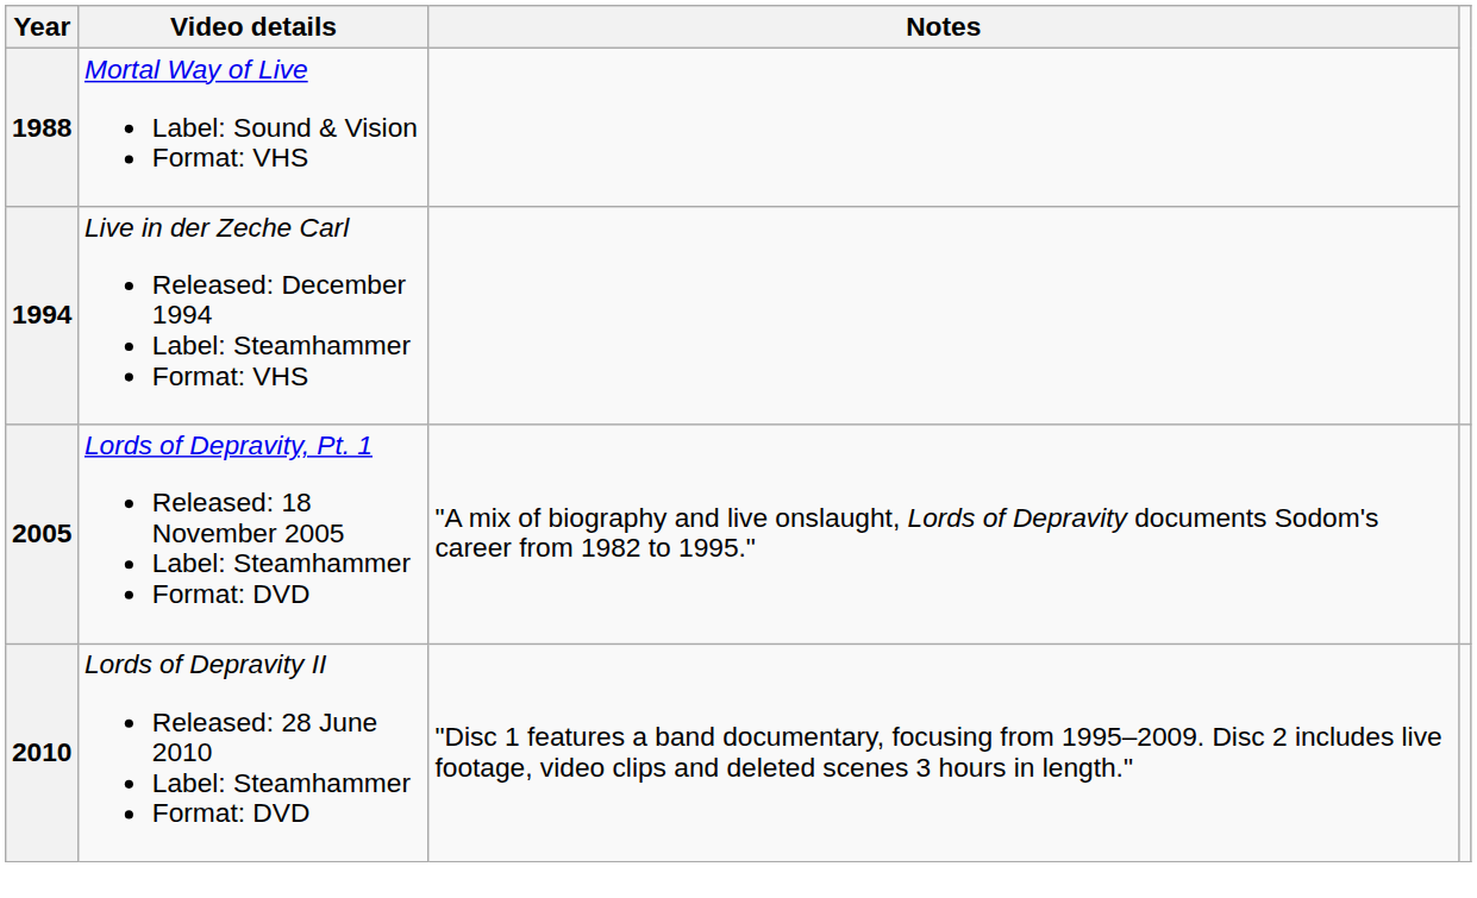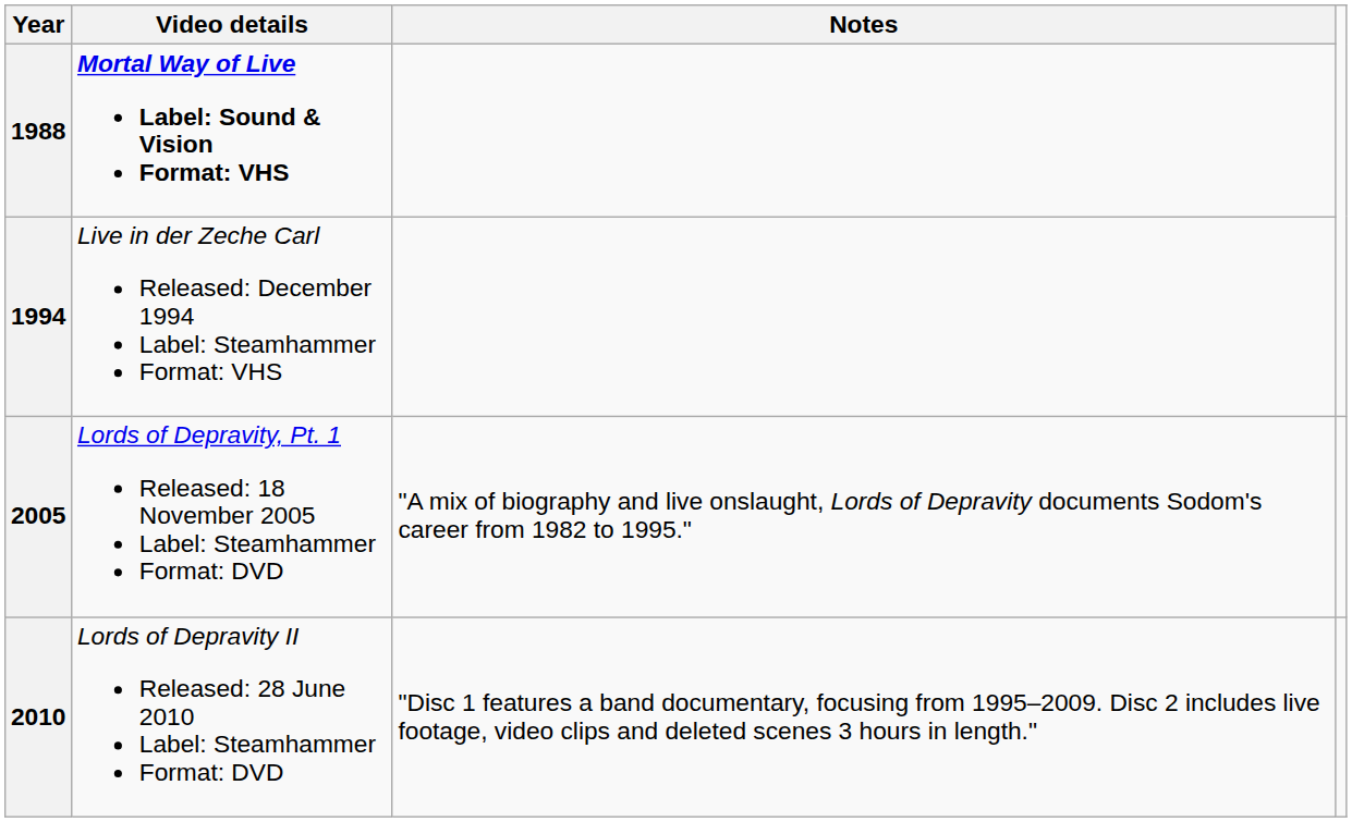 <table class="sortable wikitable">
 <tr>
 <th>Year</th>
 <th width="200">Video details</th>
 <th class="unsortable">Notes</th>
 </tr>
 <tr>
 <th>1988</th>
-<td><em><a href='#'>Mortal Way of Live</a></em><br><ul><li>Label: Sound & Vision</li><li>Format: VHS</li></ul></td>
+<td><strong><em><a href='#'>Mortal Way of Live</a></em><br><ul><li>Label: Sound & Vision</li><li>Format: VHS</li></ul></strong></td>
 <td></td>
 </tr>
 <tr>
 <th>1994</th>
 <td><em>Live in der Zeche Carl</em><br><ul><li>Released: December 1994</li><li>Label: Steamhammer</li><li>Format: VHS</li></ul></td>
 <td></td>
 </tr>
 <tr>
 <th>2005</th>
 <td><em><a href='#'>Lords of Depravity, Pt. 1</a></em><br><ul><li>Released: 18 November 2005</li><li>Label: Steamhammer</li><li>Format: DVD</li></ul></td>
 <td>"A mix of biography and live onslaught, <em>Lords of Depravity</em> documents Sodom's career from 1982 to 1995."</td>
 <td></td>
 </tr>
 <tr>
 <th>2010</th>
 <td><em>Lords of Depravity II</em><br><ul><li>Released: 28 June 2010</li><li>Label: Steamhammer</li><li>Format: DVD</li></ul></td>
 <td>"Disc 1 features a band documentary, focusing from 1995–2009. Disc 2 includes live footage, video clips and deleted scenes 3 hours in length."</td>
 </tr>
 </table>
